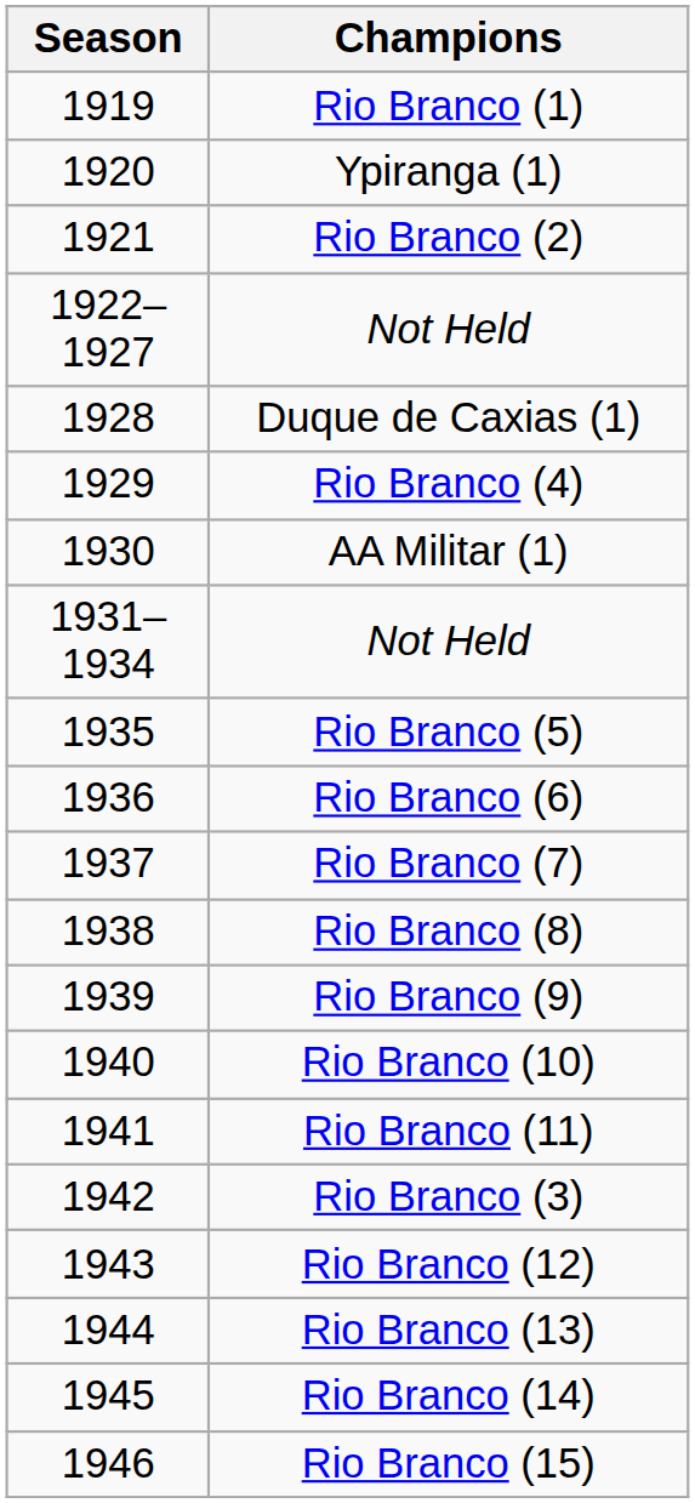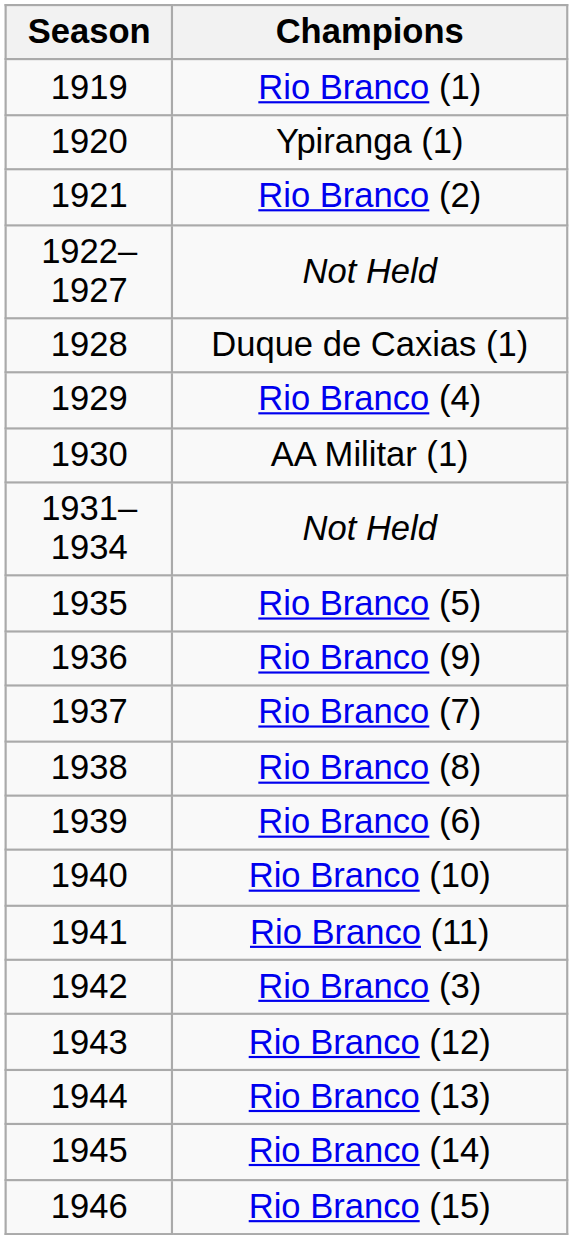 <table class="wikitable" style="text-align:center; margin-left:1em;">
 <tr>
 <th style="width:70px">Season</th>
 <th style="width:175px">Champions</th>
 </tr>
 <tr>
 <td>1919</td>
 <td><a href='#'>Rio Branco</a> (1)</td>
 </tr>
 <tr>
 <td>1920</td>
 <td>Ypiranga (1)</td>
 </tr>
 <tr>
 <td>1921</td>
 <td><a href='#'>Rio Branco</a> (2)</td>
 </tr>
 <tr>
 <td>1922–1927</td>
 <td><em>Not Held</em></td>
 </tr>
 <tr>
 <td>1928</td>
 <td>Duque de Caxias (1)</td>
 </tr>
 <tr>
 <td>1929</td>
 <td><a href='#'>Rio Branco</a> (4)</td>
 </tr>
 <tr>
 <td>1930</td>
 <td>AA Militar (1)</td>
 </tr>
 <tr>
 <td>1931–1934</td>
 <td><em>Not Held</em></td>
 </tr>
 <tr>
 <td>1935</td>
 <td><a href='#'>Rio Branco</a> (5)</td>
 </tr>
 <tr>
 <td>1936</td>
-<td><a href='#'>Rio Branco</a> (6)</td>
+<td><a href='#'>Rio Branco</a> (9)</td>
 </tr>
 <tr>
 <td>1937</td>
 <td><a href='#'>Rio Branco</a> (7)</td>
 </tr>
 <tr>
 <td>1938</td>
 <td><a href='#'>Rio Branco</a> (8)</td>
 </tr>
 <tr>
 <td>1939</td>
-<td><a href='#'>Rio Branco</a> (9)</td>
+<td><a href='#'>Rio Branco</a> (6)</td>
 </tr>
 <tr>
 <td>1940</td>
 <td><a href='#'>Rio Branco</a> (10)</td>
 </tr>
 <tr>
 <td>1941</td>
 <td><a href='#'>Rio Branco</a> (11)</td>
 </tr>
 <tr>
 <td>1942</td>
 <td><a href='#'>Rio Branco</a> (3)</td>
 </tr>
 <tr>
 <td>1943</td>
 <td><a href='#'>Rio Branco</a> (12)</td>
 </tr>
 <tr>
 <td>1944</td>
 <td><a href='#'>Rio Branco</a> (13)</td>
 </tr>
 <tr>
 <td>1945</td>
 <td><a href='#'>Rio Branco</a> (14)</td>
 </tr>
 <tr>
 <td>1946</td>
 <td><a href='#'>Rio Branco</a> (15)</td>
 </tr>
 </table>
